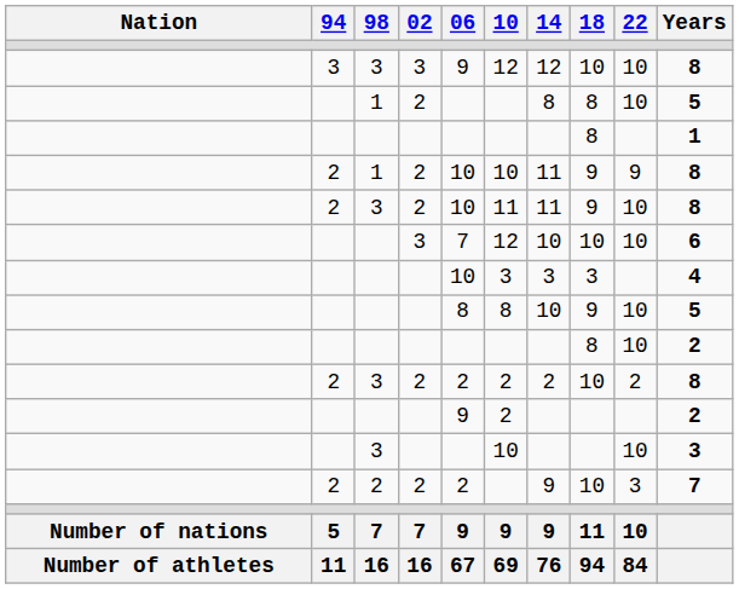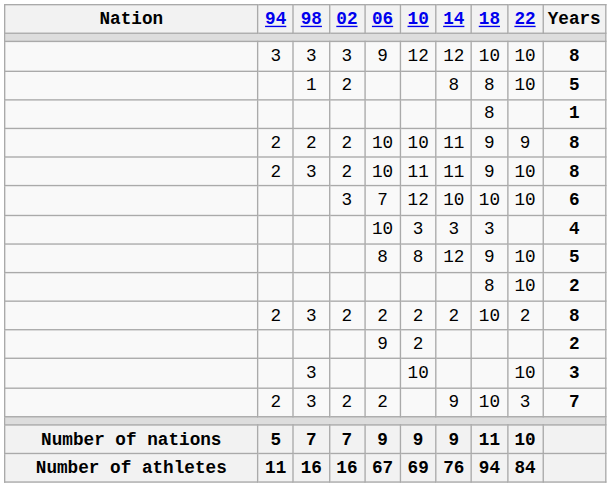 <table class=wikitable style="text-align:center">
 <tr>
 <th width=180>Nation</th>
 <th width=20><a href='#'>94</a></th>
 <th width=20><a href='#'>98</a></th>
 <th width=20><a href='#'>02</a></th>
 <th width=20><a href='#'>06</a></th>
 <th width=20><a href='#'>10</a></th>
 <th width=20><a href='#'>14</a></th>
 <th width=20><a href='#'>18</a></th>
 <th width=20><a href='#'>22</a></th>
 <th width=40>Years</th>
 </tr>
 <tr bgcolor=#DDDDDD>
 <td colspan=10></td>
 </tr>
 <tr>
 <td align=left></td>
 <td>3</td>
 <td>3</td>
 <td>3</td>
 <td>9</td>
 <td>12</td>
 <td>12</td>
 <td>10</td>
 <td>10</td>
 <td><strong>8</strong></td>
 </tr>
 <tr>
 <td align=left></td>
 <td></td>
 <td>1</td>
 <td>2</td>
 <td></td>
 <td></td>
 <td>8</td>
 <td>8</td>
 <td>10</td>
 <td><strong>5</strong></td>
 </tr>
 <tr>
 <td align=left></td>
 <td></td>
 <td></td>
 <td></td>
 <td></td>
 <td></td>
 <td></td>
 <td>8</td>
 <td></td>
 <td><strong>1</strong></td>
 </tr>
 <tr>
 <td align=left></td>
 <td>2</td>
-<td>1</td>
+<td>2</td>
 <td>2</td>
 <td>10</td>
 <td>10</td>
 <td>11</td>
 <td>9</td>
 <td>9</td>
 <td><strong>8</strong></td>
 </tr>
 <tr>
 <td align=left></td>
 <td>2</td>
 <td>3</td>
 <td>2</td>
 <td>10</td>
 <td>11</td>
 <td>11</td>
 <td>9</td>
 <td>10</td>
 <td><strong>8</strong></td>
 </tr>
 <tr>
 <td align=left></td>
 <td></td>
 <td></td>
 <td>3</td>
 <td>7</td>
 <td>12</td>
 <td>10</td>
 <td>10</td>
 <td>10</td>
 <td><strong>6</strong></td>
 </tr>
 <tr>
 <td align=left></td>
 <td></td>
 <td></td>
 <td></td>
 <td>10</td>
 <td>3</td>
 <td>3</td>
 <td>3</td>
 <td></td>
 <td><strong>4</strong></td>
 </tr>
 <tr>
 <td align=left></td>
 <td></td>
 <td></td>
 <td></td>
 <td>8</td>
 <td>8</td>
-<td>10</td>
+<td>12</td>
 <td>9</td>
 <td>10</td>
 <td><strong>5</strong></td>
 </tr>
 <tr>
 <td align=left></td>
 <td></td>
 <td></td>
 <td></td>
 <td></td>
 <td></td>
 <td></td>
 <td>8</td>
 <td>10</td>
 <td><strong>2</strong></td>
 </tr>
 <tr>
 <td align=left></td>
 <td>2</td>
 <td>3</td>
 <td>2</td>
 <td>2</td>
 <td>2</td>
 <td>2</td>
 <td>10</td>
 <td>2</td>
 <td><strong>8</strong></td>
 </tr>
 <tr>
 <td align=left></td>
 <td></td>
 <td></td>
 <td></td>
 <td>9</td>
 <td>2</td>
 <td></td>
 <td></td>
 <td></td>
 <td><strong>2</strong></td>
 </tr>
 <tr>
 <td align=left></td>
 <td></td>
 <td>3</td>
 <td></td>
 <td></td>
 <td>10</td>
 <td></td>
 <td></td>
 <td>10</td>
 <td><strong>3</strong></td>
 </tr>
 <tr>
 <td align=left></td>
 <td>2</td>
-<td>2</td>
+<td>3</td>
 <td>2</td>
 <td>2</td>
 <td></td>
 <td>9</td>
 <td>10</td>
 <td>3</td>
 <td><strong>7</strong></td>
 </tr>
 <tr bgcolor=#DDDDDD>
 <td colspan=10></td>
 </tr>
 <tr>
 <th>Number of nations</th>
 <th>5</th>
 <th>7</th>
 <th>7</th>
 <th>9</th>
 <th>9</th>
 <th>9</th>
 <th>11</th>
 <th>10</th>
 <th></th>
 </tr>
 <tr>
 <th>Number of athletes</th>
 <th>11</th>
 <th>16</th>
 <th>16</th>
 <th>67</th>
 <th>69</th>
 <th>76</th>
 <th>94</th>
 <th>84</th>
 <th></th>
 </tr>
 </table>
